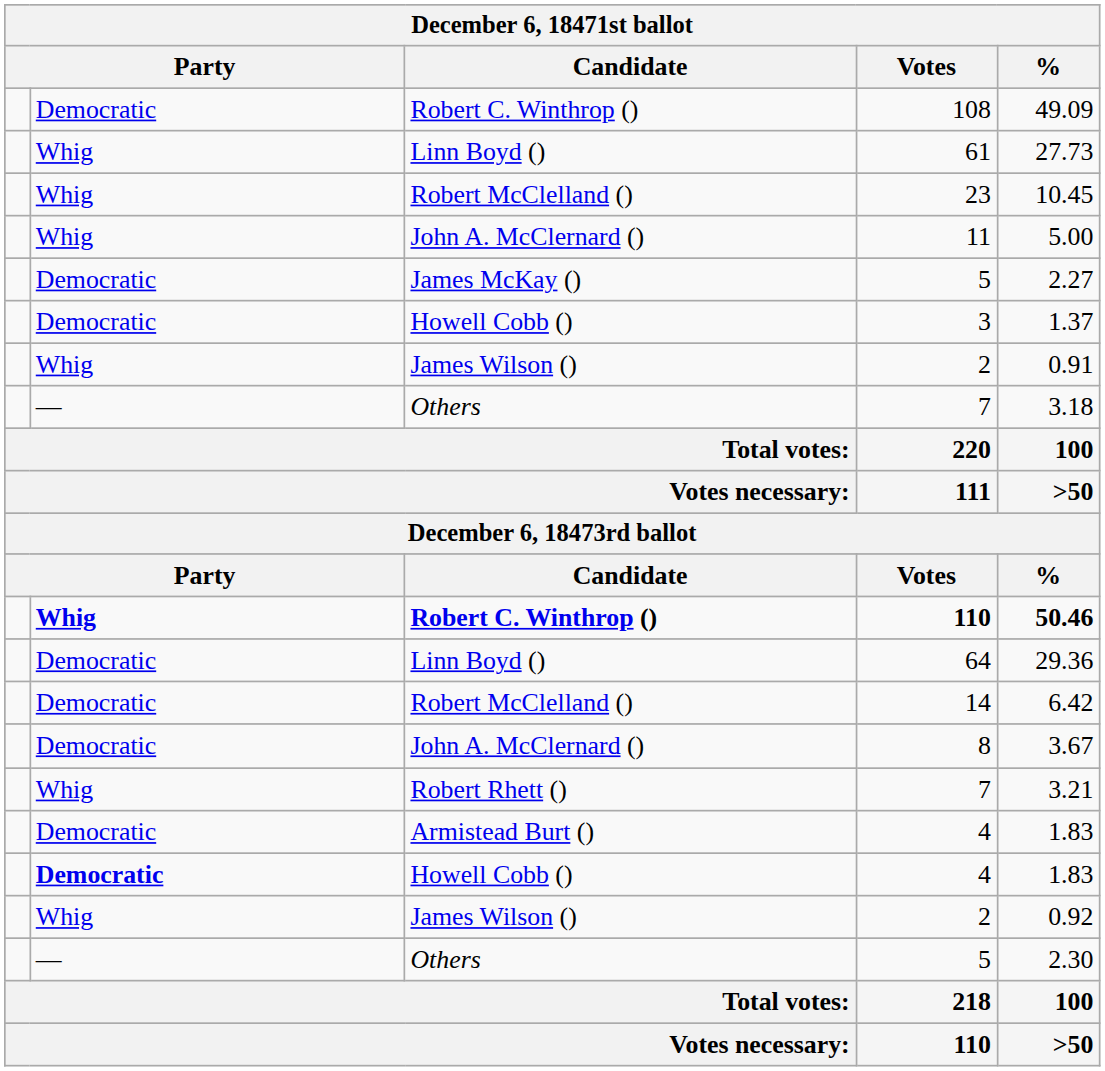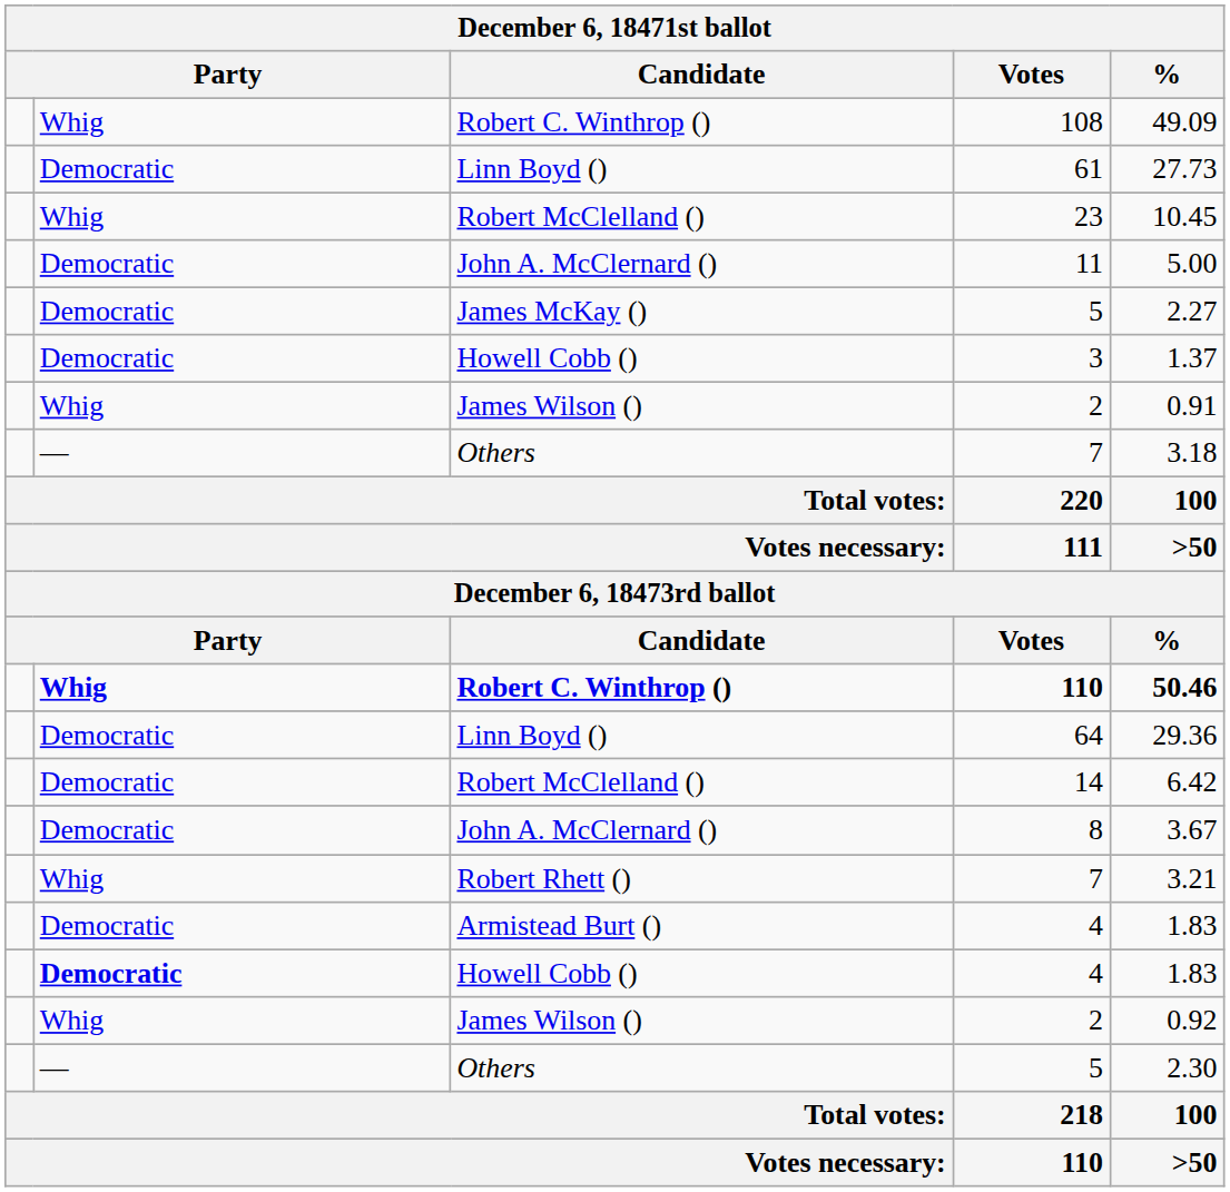 <table class="wikitable" style="margin-right:1em; font-size:95%">
 <tr>
 <th colspan=5 style="font-size:95%">December 6, 18471st ballot</th>
 </tr>
 <tr>
 <th scope="col" colspan="2" style="width: 15em">Party</th>
 <th scope="col" style="width: 17em">Candidate</th>
 <th scope="col" style="width: 5em">Votes</th>
 <th scope="col" style="width: 3.5em">%</th>
 </tr>
 <tr>
 <td style="width: 0.5em; background:"></td>
-<td><a href='#'>Democratic</a></td>
+<td><a href='#'>Whig</a></td>
 <td><a href='#'>Robert C. Winthrop</a> ()</td>
 <td style="text-align:right">108</td>
 <td style="text-align:right">49.09</td>
 </tr>
 <tr>
 <td style="background:"></td>
-<td><a href='#'>Whig</a></td>
+<td><a href='#'>Democratic</a></td>
 <td><a href='#'>Linn Boyd</a> ()</td>
 <td style="text-align:right">61</td>
 <td style="text-align:right">27.73</td>
 </tr>
 <tr>
 <td style="background:"></td>
 <td><a href='#'>Whig</a></td>
 <td><a href='#'>Robert McClelland</a> ()</td>
 <td style="text-align:right">23</td>
 <td style="text-align:right">10.45</td>
 </tr>
 <tr>
 <td style="background:"></td>
-<td><a href='#'>Whig</a></td>
+<td><a href='#'>Democratic</a></td>
 <td><a href='#'>John A. McClernard</a> ()</td>
 <td style="text-align:right">11</td>
 <td style="text-align:right">5.00</td>
 </tr>
 <tr>
 <td style="background:"></td>
 <td><a href='#'>Democratic</a></td>
 <td><a href='#'>James McKay</a> ()</td>
 <td style="text-align:right">5</td>
 <td style="text-align:right">2.27</td>
 </tr>
 <tr>
 <td style="background:"></td>
 <td><a href='#'>Democratic</a></td>
 <td><a href='#'>Howell Cobb</a> ()</td>
 <td style="text-align:right">3</td>
 <td style="text-align:right">1.37</td>
 </tr>
 <tr>
 <td style="background:"></td>
 <td><a href='#'>Whig</a></td>
 <td><a href='#'>James Wilson</a> ()</td>
 <td style="text-align:right">2</td>
 <td style="text-align:right">0.91</td>
 </tr>
 <tr>
 <td style="background:"></td>
 <td>—</td>
 <td><em>Others</em></td>
 <td style="text-align:right">7</td>
 <td style="text-align:right">3.18</td>
 </tr>
 <tr>
 <th colspan=3 style="text-align:right">Total votes:</th>
 <td style="text-align:right; background:#f5f5f5"><strong>220</strong></td>
 <td style="text-align:right; background:#f5f5f5"><strong>100</strong></td>
 </tr>
 <tr>
 <th colspan=3 style="text-align:right">Votes necessary:</th>
 <td style="text-align:right; background:#f5f5f5"><strong>111</strong></td>
 <td style="text-align:right; background:#f5f5f5"><strong>>50</strong></td>
 </tr>
 <tr>
 <th colspan=5 style="font-size:95%">December 6, 18473rd ballot</th>
 </tr>
 <tr>
 <th scope="col" colspan="2" style="width: 15em">Party</th>
 <th scope="col" style="width: 17em">Candidate</th>
 <th scope="col" style="width: 5em">Votes</th>
 <th scope="col" style="width: 3.5em">%</th>
 </tr>
 <tr>
 <td style="background:"></td>
 <td><strong><a href='#'>Whig</a></strong></td>
 <td><strong><a href='#'>Robert C. Winthrop</a> ()</strong></td>
 <td style="text-align:right"><strong>110</strong></td>
 <td style="text-align:right"><strong>50.46</strong></td>
 </tr>
 <tr>
 <td style="background:"></td>
 <td><a href='#'>Democratic</a></td>
 <td><a href='#'>Linn Boyd</a> ()</td>
 <td style="text-align:right">64</td>
 <td style="text-align:right">29.36</td>
 </tr>
 <tr>
 <td style="background:"></td>
 <td><a href='#'>Democratic</a></td>
 <td><a href='#'>Robert McClelland</a> ()</td>
 <td style="text-align:right">14</td>
 <td style="text-align:right">6.42</td>
 </tr>
 <tr>
 <td style="background:"></td>
 <td><a href='#'>Democratic</a></td>
 <td><a href='#'>John A. McClernard</a> ()</td>
 <td style="text-align:right">8</td>
 <td style="text-align:right">3.67</td>
 </tr>
 <tr>
 <td style="background:"></td>
 <td><a href='#'>Whig</a></td>
 <td><a href='#'>Robert Rhett</a> ()</td>
 <td style="text-align:right">7</td>
 <td style="text-align:right">3.21</td>
 </tr>
 <tr>
 <td style="background:"></td>
 <td><a href='#'>Democratic</a></td>
 <td><a href='#'>Armistead Burt</a> ()</td>
 <td style="text-align:right">4</td>
 <td style="text-align:right">1.83</td>
 </tr>
 <tr>
 <td style="background:"></td>
 <td><strong><a href='#'>Democratic</a></strong></td>
 <td><a href='#'>Howell Cobb</a> ()</td>
 <td style="text-align:right">4</td>
 <td style="text-align:right">1.83</td>
 </tr>
 <tr>
 <td style="background:"></td>
 <td><a href='#'>Whig</a></td>
 <td><a href='#'>James Wilson</a> ()</td>
 <td style="text-align:right">2</td>
 <td style="text-align:right">0.92</td>
 </tr>
 <tr>
 <td style="background:"></td>
 <td>—</td>
 <td><em>Others</em></td>
 <td style="text-align:right">5</td>
 <td style="text-align:right">2.30</td>
 </tr>
 <tr>
 <th colspan=3 style="text-align:right">Total votes:</th>
 <td style="text-align:right; background:#f5f5f5"><strong>218</strong></td>
 <td style="text-align:right; background:#f5f5f5"><strong>100</strong></td>
 </tr>
 <tr>
 <th colspan=3 style="text-align:right">Votes necessary:</th>
 <td style="text-align:right; background:#f5f5f5"><strong>110</strong></td>
 <td style="text-align:right; background:#f5f5f5"><strong>>50</strong></td>
 </tr>
 </table>
